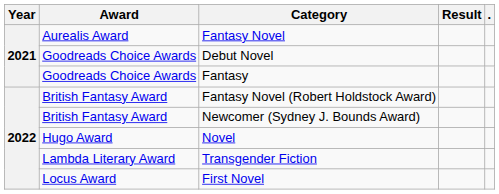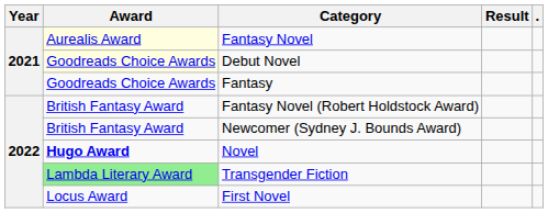 <table class="wikitable sortable">
 <tr>
 <th>Year</th>
 <th>Award</th>
 <th>Category</th>
 <th>Result</th>
 <th>.</th>
 </tr>
 <tr>
 <th rowspan="3">2021</th>
-<td><a href='#'>Aurealis Award</a></td>
+<td style="background: lightyellow;"><a href='#'>Aurealis Award</a></td>
 <td><a href='#'>Fantasy Novel</a></td>
 <td></td>
 <td></td>
 </tr>
 <tr>
-<td><a href='#'>Goodreads Choice Awards</a></td>
+<td style="background: lightyellow;"><a href='#'>Goodreads Choice Awards</a></td>
 <td>Debut Novel</td>
 <td></td>
 <td></td>
 </tr>
 <tr>
 <td><a href='#'>Goodreads Choice Awards</a></td>
 <td>Fantasy</td>
 <td></td>
 <td></td>
 </tr>
 <tr>
 <th rowspan="5">2022</th>
 <td><a href='#'>British Fantasy Award</a></td>
 <td>Fantasy Novel (Robert Holdstock Award)</td>
 <td></td>
 <td></td>
 </tr>
 <tr>
 <td><a href='#'>British Fantasy Award</a></td>
 <td>Newcomer (Sydney J. Bounds Award)</td>
 <td></td>
 <td></td>
 </tr>
 <tr>
-<td><a href='#'>Hugo Award</a></td>
+<td><strong><a href='#'>Hugo Award</a></strong></td>
 <td><a href='#'>Novel</a></td>
 <td></td>
 <td></td>
 </tr>
 <tr>
-<td><a href='#'>Lambda Literary Award</a></td>
+<td style="background: lightgreen;"><a href='#'>Lambda Literary Award</a></td>
 <td><a href='#'>Transgender Fiction</a></td>
 <td></td>
 <td></td>
 </tr>
 <tr>
 <td><a href='#'>Locus Award</a></td>
 <td><a href='#'>First Novel</a></td>
 <td></td>
 <td></td>
 </tr>
 </table>
